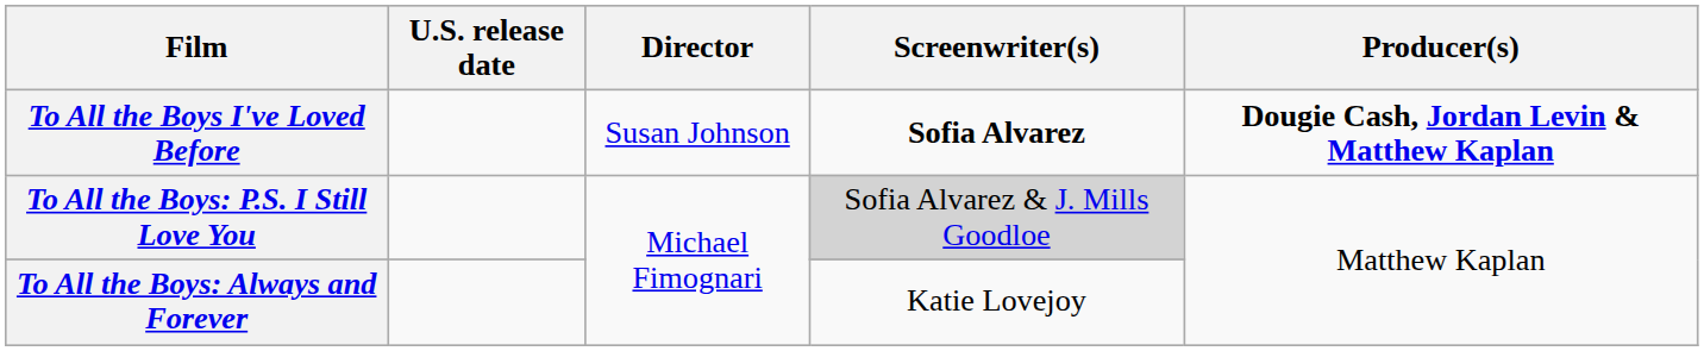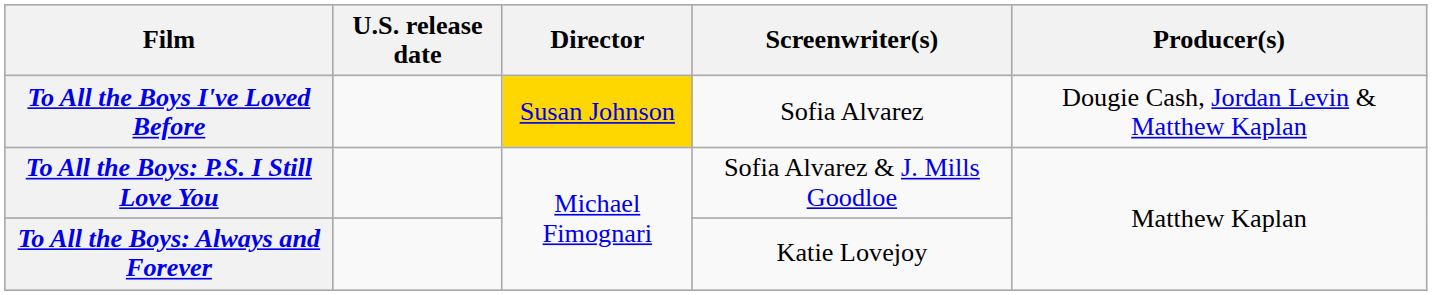 <table class="wikitable plainrowheaders" style="text-align:center">
 <tr>
 <th scope="col">Film</th>
 <th scope="col">U.S. release date</th>
 <th scope="col">Director</th>
 <th scope="col">Screenwriter(s)</th>
 <th scope="col">Producer(s)</th>
 </tr>
 <tr>
 <th scope="row"><em><a href='#'>To All the Boys I've Loved Before</a></em></th>
 <td style="text-align:left"></td>
-<td><a href='#'>Susan Johnson</a></td>
-<td><strong>Sofia Alvarez</strong></td>
-<td><strong>Dougie Cash, <a href='#'>Jordan Levin</a> & <a href='#'>Matthew Kaplan</a></strong></td>
+<td style="background: gold;"><a href='#'>Susan Johnson</a></td>
+<td>Sofia Alvarez</td>
+<td>Dougie Cash, <a href='#'>Jordan Levin</a> & <a href='#'>Matthew Kaplan</a></td>
 </tr>
 <tr>
 <th scope="row"><em><a href='#'>To All the Boys: P.S. I Still Love You</a></em></th>
 <td style="text-align:left"></td>
 <td rowspan="2"><a href='#'>Michael Fimognari</a></td>
-<td style="background: lightgrey;">Sofia Alvarez & <a href='#'>J. Mills Goodloe</a></td>
+<td>Sofia Alvarez & <a href='#'>J. Mills Goodloe</a></td>
 <td rowspan="2">Matthew Kaplan</td>
 </tr>
 <tr>
 <th scope="row"><em><a href='#'>To All the Boys: Always and Forever</a></em></th>
 <td style="text-align:left"></td>
 <td>Katie Lovejoy</td>
 </tr>
 </table>
